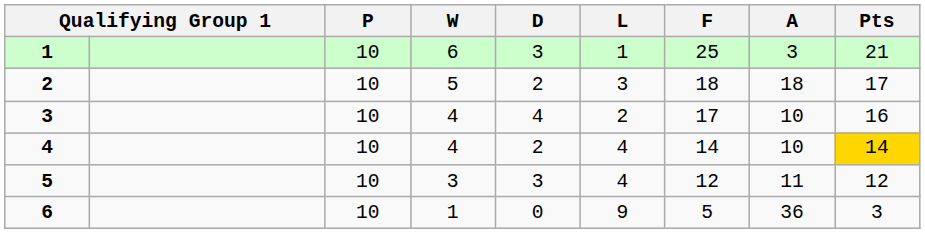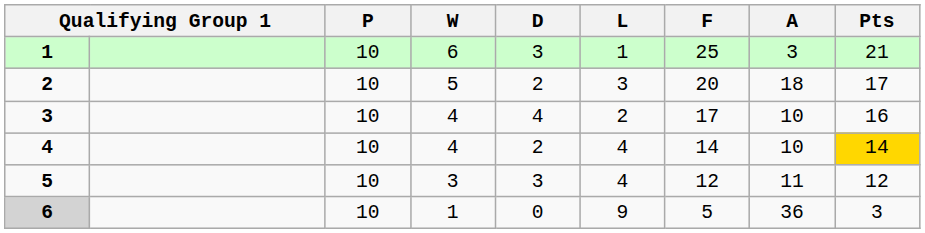 <table class="wikitable">
 <tr>
 <th colspan="2">Qualifying Group 1</th>
 <th rowspan="1" width="50">P</th>
 <th rowspan="1" width="50">W</th>
 <th colspan="1" width="50">D</th>
 <th colspan="1" width="50">L</th>
 <th colspan="1" width="50">F</th>
 <th colspan="1" width="50">A</th>
 <th colspan="1" width="50">Pts</th>
 </tr>
 <tr style="background:#ccffcc;" align=center>
 <td width="50"><strong>1</strong></td>
 <td align=left width="150"><strong></strong></td>
 <td>10</td>
 <td>6</td>
 <td>3</td>
 <td>1</td>
 <td>25</td>
 <td>3</td>
 <td>21</td>
 </tr>
 <tr align=center>
 <td><strong>2</strong></td>
 <td align=left></td>
 <td>10</td>
 <td>5</td>
 <td>2</td>
 <td>3</td>
-<td>18</td>
+<td>20</td>
 <td>18</td>
 <td>17</td>
 </tr>
 <tr align=center>
 <td><strong>3</strong></td>
 <td align=left></td>
 <td>10</td>
 <td>4</td>
 <td>4</td>
 <td>2</td>
 <td>17</td>
 <td>10</td>
 <td>16</td>
 </tr>
 <tr align=center>
 <td><strong>4</strong></td>
 <td align=left></td>
 <td>10</td>
 <td>4</td>
 <td>2</td>
 <td>4</td>
 <td>14</td>
 <td>10</td>
 <td style="background: gold;">14</td>
 </tr>
 <tr align=center>
 <td><strong>5</strong></td>
 <td align=left></td>
 <td>10</td>
 <td>3</td>
 <td>3</td>
 <td>4</td>
 <td>12</td>
 <td>11</td>
 <td>12</td>
 </tr>
 <tr align=center>
-<td><strong>6</strong></td>
+<td style="background: lightgrey;"><strong>6</strong></td>
 <td align=left></td>
 <td>10</td>
 <td>1</td>
 <td>0</td>
 <td>9</td>
 <td>5</td>
 <td>36</td>
 <td>3</td>
 </tr>
 </table>
